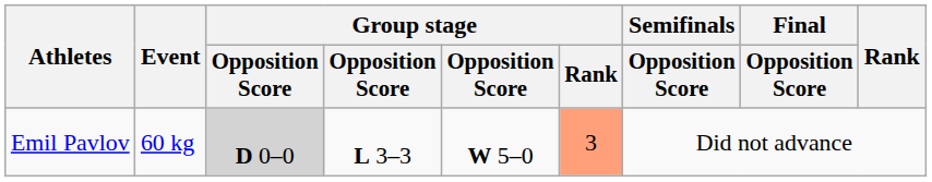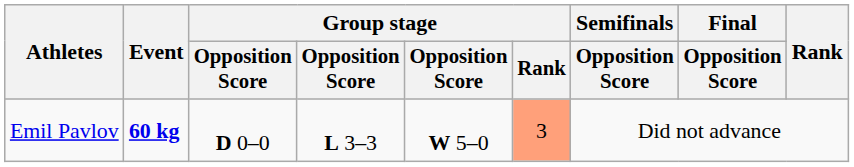 <table class="wikitable" style="font-size:90%">
 <tr>
 <th rowspan="2">Athletes</th>
 <th rowspan="2">Event</th>
 <th colspan="4">Group stage</th>
 <th>Semifinals</th>
 <th>Final</th>
 <th rowspan="2">Rank</th>
 </tr>
 <tr style="font-size:95%">
 <th>Opposition<br>Score</th>
 <th>Opposition<br>Score</th>
 <th>Opposition<br>Score</th>
 <th>Rank</th>
 <th>Opposition<br>Score</th>
 <th>Opposition<br>Score</th>
 </tr>
 <tr align=center>
 <td align=left><a href='#'>Emil Pavlov</a></td>
-<td align=left><a href='#'>60 kg</a></td>
-<td style="background: lightgrey;"><br><strong>D</strong> 0–0</td>
+<td align=left><strong><a href='#'>60 kg</a></strong></td>
+<td><br><strong>D</strong> 0–0</td>
 <td><br><strong>L</strong> 3–3</td>
 <td><br><strong>W</strong> 5–0</td>
 <td style="background: lightsalmon;">3</td>
 <td colspan=3>Did not advance</td>
 </tr>
 </table>
